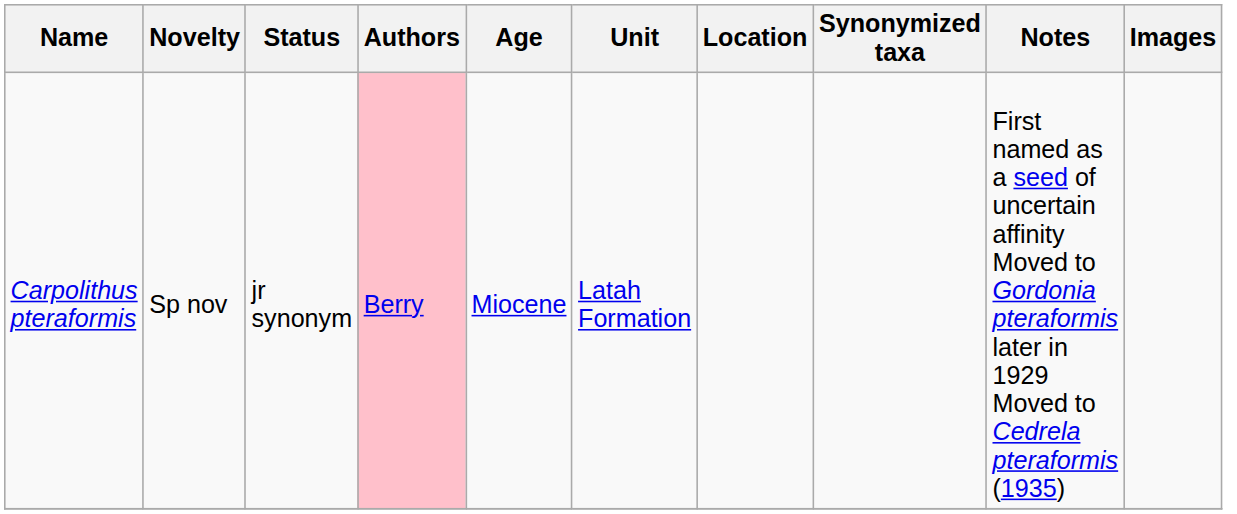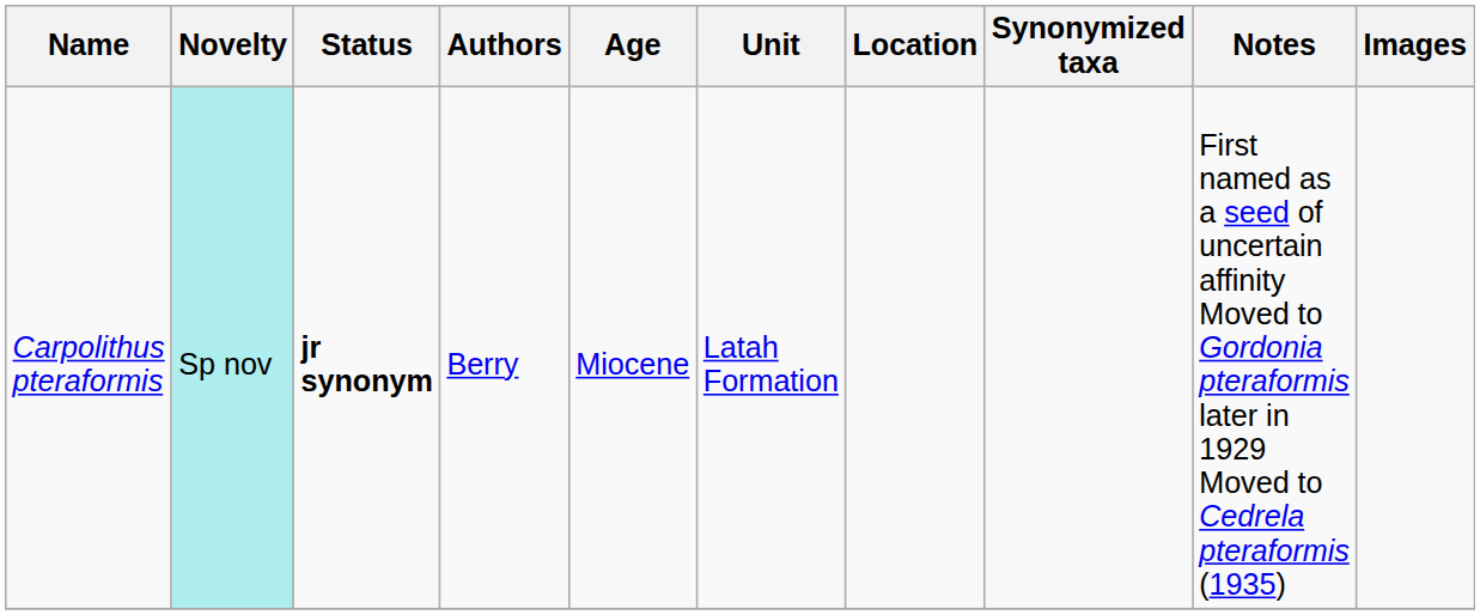 <table class="wikitable sortable" align="center" width="100%">
 <tr>
 <th>Name</th>
 <th>Novelty</th>
 <th>Status</th>
 <th>Authors</th>
 <th>Age</th>
 <th>Unit</th>
 <th>Location</th>
 <th>Synonymized taxa</th>
 <th>Notes</th>
 <th>Images</th>
 </tr>
 <tr>
 <td><br><em><a href='#'>Carpolithus pteraformis</a></em></td>
-<td><br>Sp nov</td>
-<td><br>jr synonym</td>
-<td style="background: pink;"><br><a href='#'>Berry</a></td>
+<td style="background: paleturquoise;"><br>Sp nov</td>
+<td><strong><br>jr synonym</strong></td>
+<td><br><a href='#'>Berry</a></td>
 <td><br><a href='#'>Miocene</a></td>
 <td><br><a href='#'>Latah Formation</a></td>
 <td><br><br></td>
 <td></td>
 <td><br>First named as a <a href='#'>seed</a> of uncertain affinity<br>Moved to <em><a href='#'>Gordonia pteraformis</a></em> later in 1929<br>Moved to <em><a href='#'>Cedrela pteraformis</a></em> (<a href='#'>1935</a>)</td>
 <td><br></td>
 </tr>
 <tr>
 </tr>
 </table>
